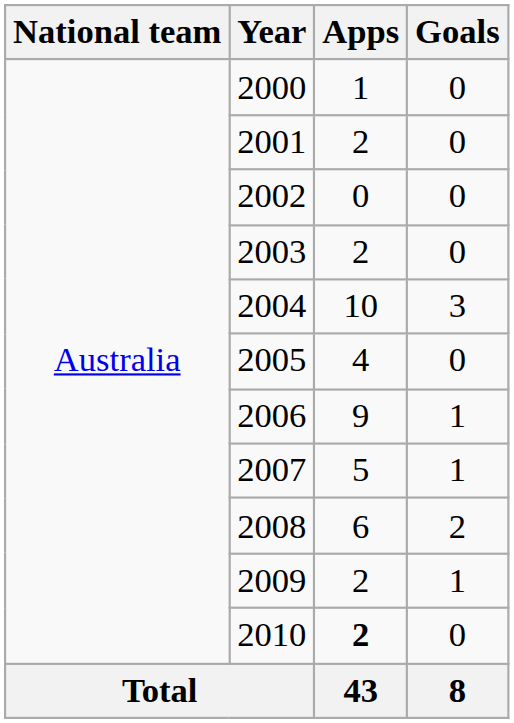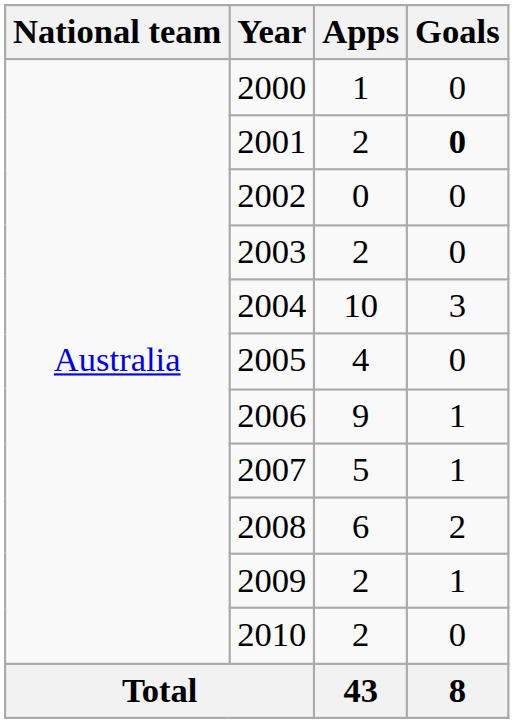 <table class="wikitable" style="text-align:center">
 <tr>
 <th>National team</th>
 <th>Year</th>
 <th>Apps</th>
 <th>Goals</th>
 </tr>
 <tr>
 <td rowspan="11"><a href='#'>Australia</a></td>
 <td>2000</td>
 <td>1</td>
 <td>0</td>
 </tr>
 <tr>
 <td>2001</td>
 <td>2</td>
-<td>0</td>
+<td><strong>0</strong></td>
 </tr>
 <tr>
 <td>2002</td>
 <td>0</td>
 <td>0</td>
 </tr>
 <tr>
 <td>2003</td>
 <td>2</td>
 <td>0</td>
 </tr>
 <tr>
 <td>2004</td>
 <td>10</td>
 <td>3</td>
 </tr>
 <tr>
 <td>2005</td>
 <td>4</td>
 <td>0</td>
 </tr>
 <tr>
 <td>2006</td>
 <td>9</td>
 <td>1</td>
 </tr>
 <tr>
 <td>2007</td>
 <td>5</td>
 <td>1</td>
 </tr>
 <tr>
 <td>2008</td>
 <td>6</td>
 <td>2</td>
 </tr>
 <tr>
 <td>2009</td>
 <td>2</td>
 <td>1</td>
 </tr>
 <tr>
 <td>2010</td>
-<td><strong>2</strong></td>
+<td>2</td>
 <td>0</td>
 </tr>
 <tr>
 <th colspan="2">Total</th>
 <th>43</th>
 <th>8</th>
 </tr>
 </table>
